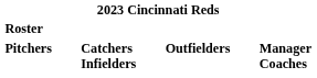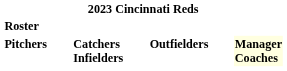 <table class="toccolours" style="font-size: 95%;">
 <tr>
 <th colspan="10">2023 Cincinnati Reds</th>
 </tr>
 <tr>
 <td colspan="10"><strong>Roster</strong></td>
 </tr>
 <tr>
 <td valign="top"><strong>Pitchers</strong><br>                                     </td>
 <td width="25px"></td>
 <td valign="top"><strong>Catchers</strong><br>   <strong>Infielders</strong>             </td>
 <td width="25px"></td>
 <td valign="top"><strong>Outfielders</strong><br>          </td>
 <td width="25px"></td>
-<td valign="top"><strong>Manager</strong><br> <strong>Coaches</strong>                      </td>
+<td valign="top" style="background: lightyellow;"><strong>Manager</strong><br> <strong>Coaches</strong>                      </td>
 </tr>
 </table>
